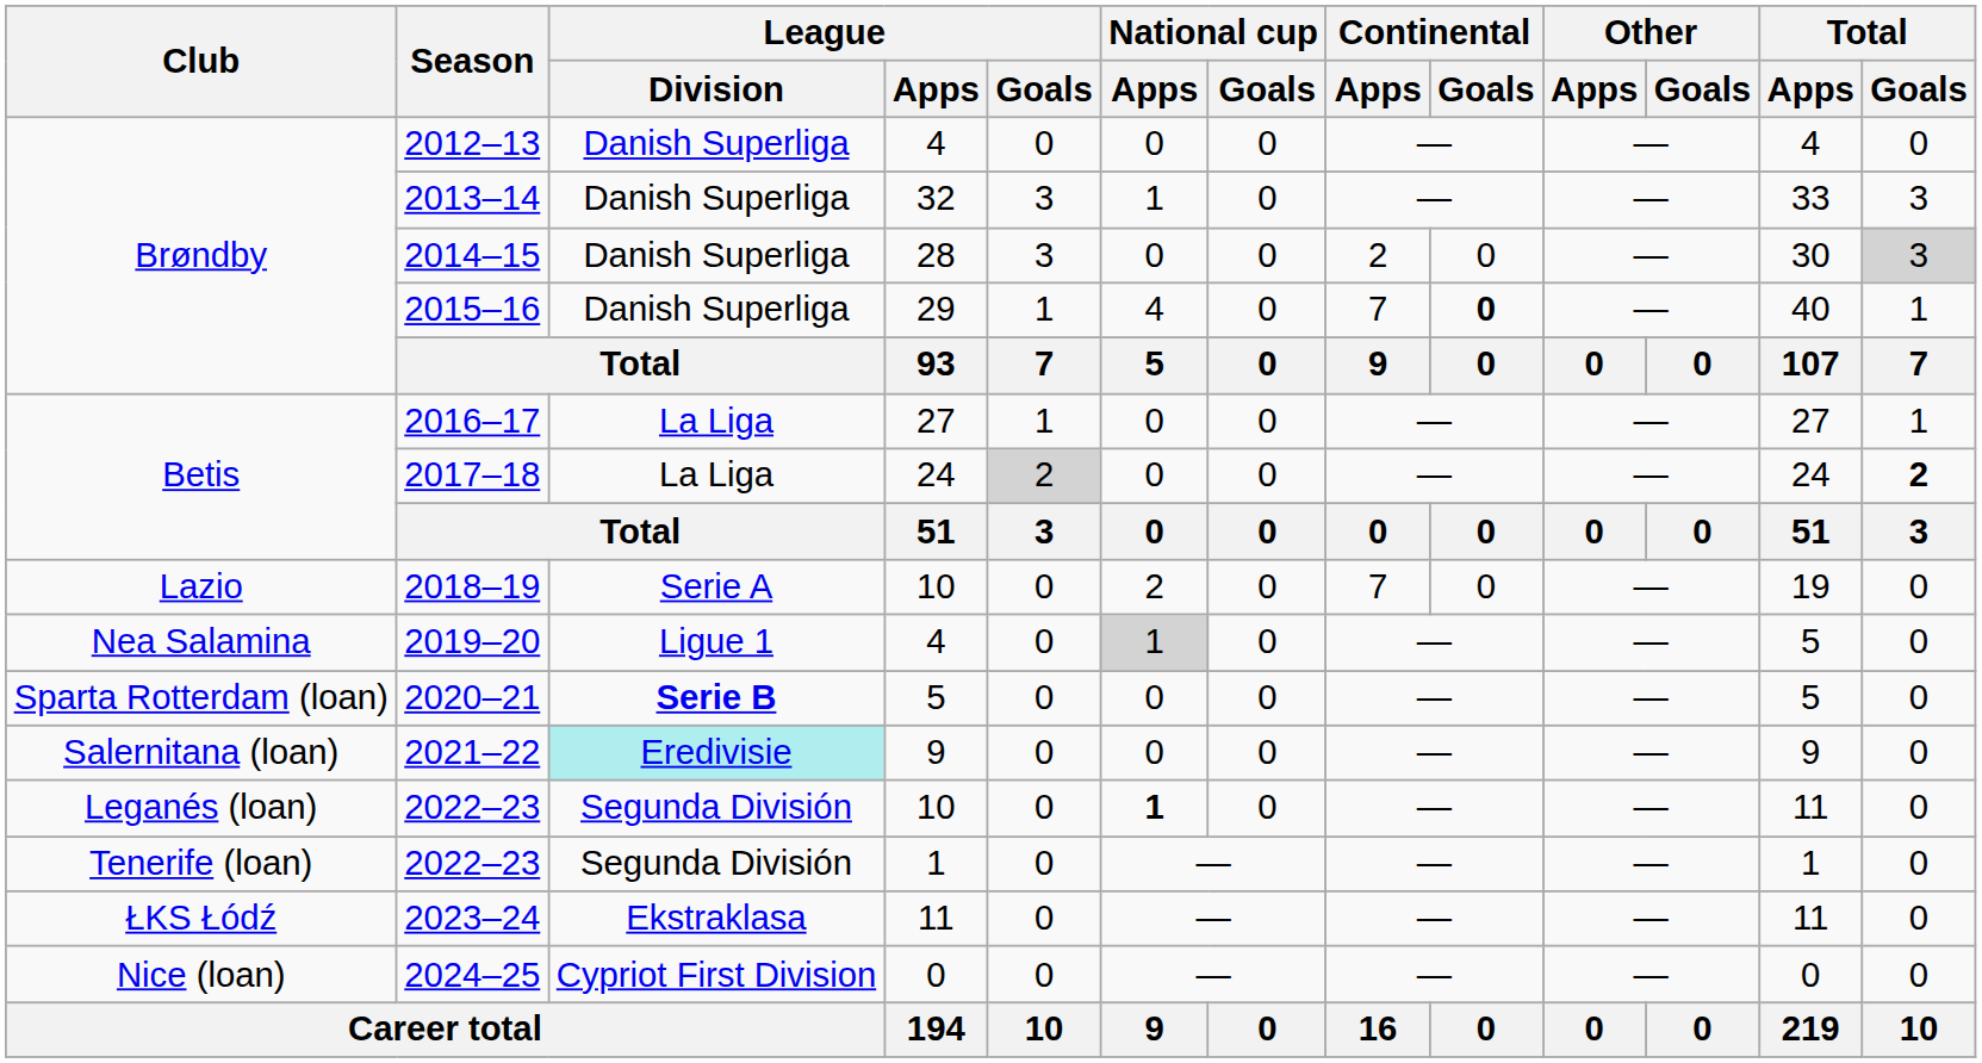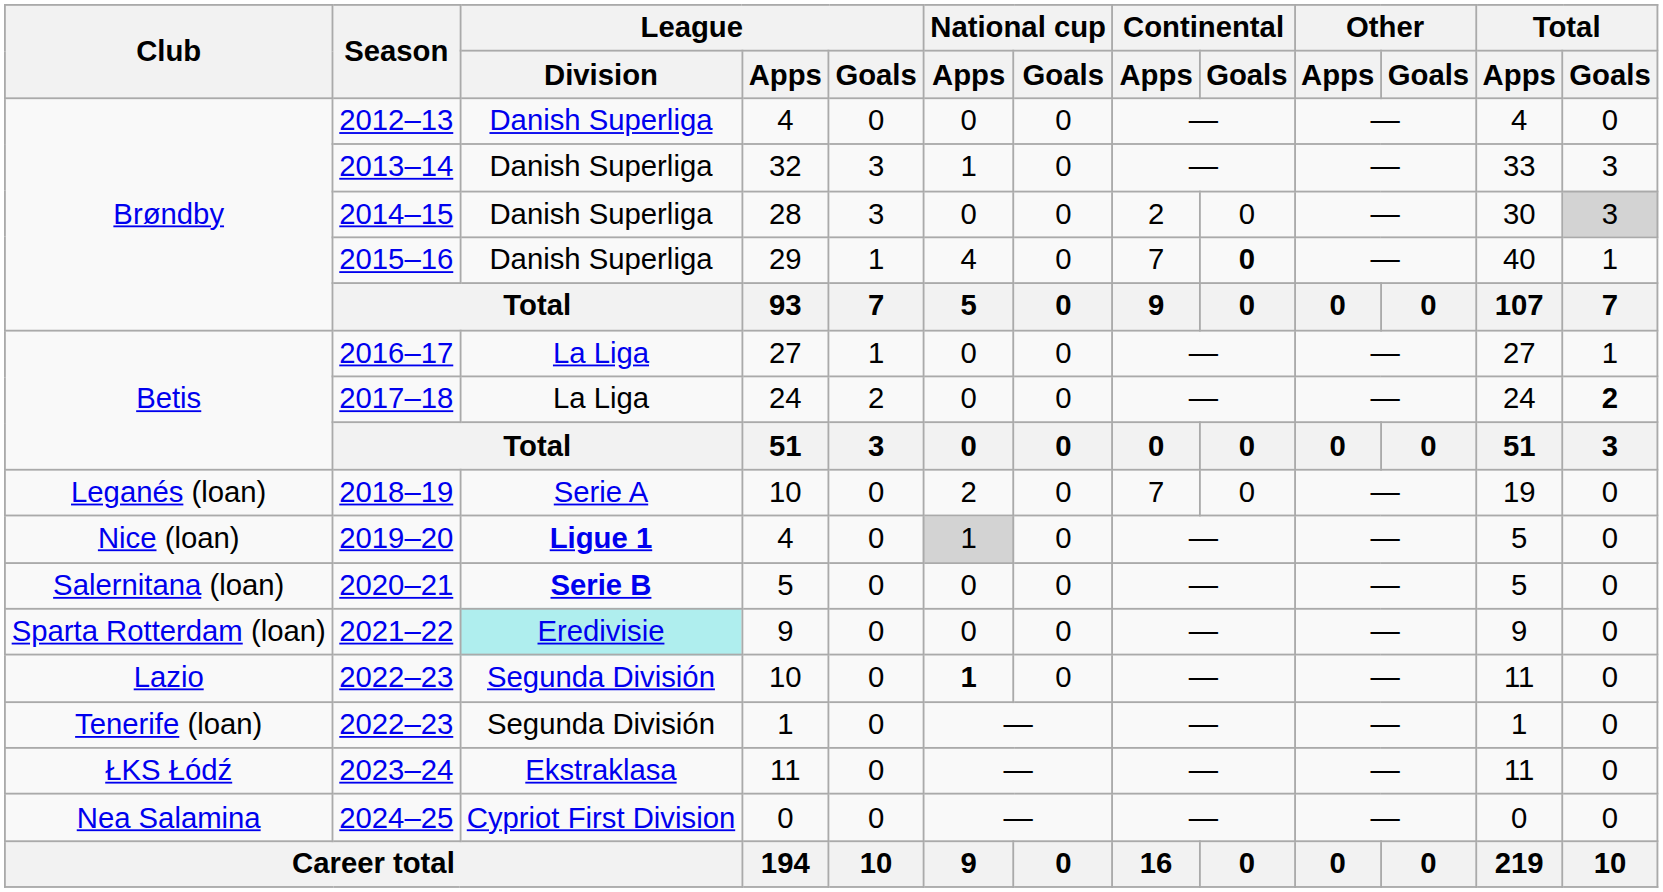 <table class="wikitable" style="text-align: center;">
 <tr>
 <th rowspan="2">Club</th>
 <th rowspan="2">Season</th>
 <th colspan="3">League</th>
 <th colspan="2">National cup</th>
 <th colspan="2">Continental</th>
 <th colspan="2">Other</th>
 <th colspan="2">Total</th>
 </tr>
 <tr>
 <th>Division</th>
 <th>Apps</th>
 <th>Goals</th>
 <th>Apps</th>
 <th>Goals</th>
 <th>Apps</th>
 <th>Goals</th>
 <th>Apps</th>
 <th>Goals</th>
 <th>Apps</th>
 <th>Goals</th>
 </tr>
 <tr>
 <td rowspan="5"><a href='#'>Brøndby</a></td>
 <td><a href='#'>2012–13</a></td>
 <td><a href='#'>Danish Superliga</a></td>
 <td>4</td>
 <td>0</td>
 <td>0</td>
 <td>0</td>
 <td colspan="2">—</td>
 <td colspan="2">—</td>
 <td>4</td>
 <td>0</td>
 </tr>
 <tr>
 <td><a href='#'>2013–14</a></td>
 <td>Danish Superliga</td>
 <td>32</td>
 <td>3</td>
 <td>1</td>
 <td>0</td>
 <td colspan="2">—</td>
 <td colspan="2">—</td>
 <td>33</td>
 <td>3</td>
 </tr>
 <tr>
 <td><a href='#'>2014–15</a></td>
 <td>Danish Superliga</td>
 <td>28</td>
 <td>3</td>
 <td>0</td>
 <td>0</td>
 <td>2</td>
 <td>0</td>
 <td colspan="2">—</td>
 <td>30</td>
 <td style="background: lightgrey;">3</td>
 </tr>
 <tr>
 <td><a href='#'>2015–16</a></td>
 <td>Danish Superliga</td>
 <td>29</td>
 <td>1</td>
 <td>4</td>
 <td>0</td>
 <td>7</td>
 <td><strong>0</strong></td>
 <td colspan="2">—</td>
 <td>40</td>
 <td>1</td>
 </tr>
 <tr>
 <th colspan="2">Total</th>
 <th>93</th>
 <th>7</th>
 <th>5</th>
 <th>0</th>
 <th>9</th>
 <th>0</th>
 <th>0</th>
 <th>0</th>
 <th>107</th>
 <th>7</th>
 </tr>
 <tr>
 <td rowspan="3"><a href='#'>Betis</a></td>
 <td><a href='#'>2016–17</a></td>
 <td><a href='#'>La Liga</a></td>
 <td>27</td>
 <td>1</td>
 <td>0</td>
 <td>0</td>
 <td colspan="2">—</td>
 <td colspan="2">—</td>
 <td>27</td>
 <td>1</td>
 </tr>
 <tr>
 <td><a href='#'>2017–18</a></td>
 <td>La Liga</td>
 <td>24</td>
-<td style="background: lightgrey;">2</td>
+<td>2</td>
 <td>0</td>
 <td>0</td>
 <td colspan="2">—</td>
 <td colspan="2">—</td>
 <td>24</td>
 <td><strong>2</strong></td>
 </tr>
 <tr>
 <th colspan="2">Total</th>
 <th>51</th>
 <th>3</th>
 <th>0</th>
 <th>0</th>
 <th>0</th>
 <th>0</th>
 <th>0</th>
 <th>0</th>
 <th>51</th>
 <th>3</th>
 </tr>
 <tr>
-<td><a href='#'>Lazio</a></td>
+<td><a href='#'>Leganés</a> (loan)</td>
 <td><a href='#'>2018–19</a></td>
 <td><a href='#'>Serie A</a></td>
 <td>10</td>
 <td>0</td>
 <td>2</td>
 <td>0</td>
 <td>7</td>
 <td>0</td>
 <td colspan="2">—</td>
 <td>19</td>
 <td>0</td>
 </tr>
 <tr>
-<td><a href='#'>Nea Salamina</a></td>
+<td><a href='#'>Nice</a> (loan)</td>
 <td><a href='#'>2019–20</a></td>
-<td><a href='#'>Ligue 1</a></td>
+<td><strong><a href='#'>Ligue 1</a></strong></td>
 <td>4</td>
 <td>0</td>
 <td style="background: lightgrey;">1</td>
 <td>0</td>
 <td colspan="2">—</td>
 <td colspan="2">—</td>
 <td>5</td>
 <td>0</td>
 </tr>
 <tr>
-<td><a href='#'>Sparta Rotterdam</a> (loan)</td>
+<td><a href='#'>Salernitana</a> (loan)</td>
 <td><a href='#'>2020–21</a></td>
 <td><strong><a href='#'>Serie B</a></strong></td>
 <td>5</td>
 <td>0</td>
 <td>0</td>
 <td>0</td>
 <td colspan="2">—</td>
 <td colspan="2">—</td>
 <td>5</td>
 <td>0</td>
 </tr>
 <tr>
-<td><a href='#'>Salernitana</a> (loan)</td>
+<td><a href='#'>Sparta Rotterdam</a> (loan)</td>
 <td><a href='#'>2021–22</a></td>
 <td style="background: paleturquoise;"><a href='#'>Eredivisie</a></td>
 <td>9</td>
 <td>0</td>
 <td>0</td>
 <td>0</td>
 <td colspan="2">—</td>
 <td colspan="2">—</td>
 <td>9</td>
 <td>0</td>
 </tr>
 <tr>
-<td><a href='#'>Leganés</a> (loan)</td>
+<td><a href='#'>Lazio</a></td>
 <td><a href='#'>2022–23</a></td>
 <td><a href='#'>Segunda División</a></td>
 <td>10</td>
 <td>0</td>
 <td><strong>1</strong></td>
 <td>0</td>
 <td colspan="2">—</td>
 <td colspan="2">—</td>
 <td>11</td>
 <td>0</td>
 </tr>
 <tr>
 <td><a href='#'>Tenerife</a> (loan)</td>
 <td><a href='#'>2022–23</a></td>
 <td>Segunda División</td>
 <td>1</td>
 <td>0</td>
 <td colspan="2">—</td>
 <td colspan="2">—</td>
 <td colspan="2">—</td>
 <td>1</td>
 <td>0</td>
 </tr>
 <tr>
 <td><a href='#'>ŁKS Łódź</a></td>
 <td><a href='#'>2023–24</a></td>
 <td><a href='#'>Ekstraklasa</a></td>
 <td>11</td>
 <td>0</td>
 <td colspan="2">—</td>
 <td colspan="2">—</td>
 <td colspan="2">—</td>
 <td>11</td>
 <td>0</td>
 </tr>
 <tr>
-<td><a href='#'>Nice</a> (loan)</td>
+<td><a href='#'>Nea Salamina</a></td>
 <td><a href='#'>2024–25</a></td>
 <td><a href='#'>Cypriot First Division</a></td>
 <td>0</td>
 <td>0</td>
 <td colspan="2">—</td>
 <td colspan="2">—</td>
 <td colspan="2">—</td>
 <td>0</td>
 <td>0</td>
 </tr>
 <tr>
 <th colspan="3">Career total</th>
 <th>194</th>
 <th>10</th>
 <th>9</th>
 <th>0</th>
 <th>16</th>
 <th>0</th>
 <th>0</th>
 <th>0</th>
 <th>219</th>
 <th>10</th>
 </tr>
 </table>
